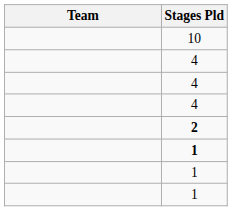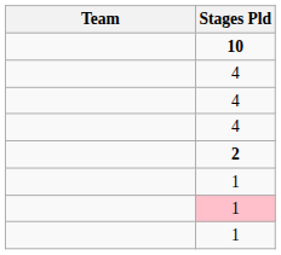 <table class="wikitable" style="font-size:90%; display:inline-table;">
 <tr>
 <th width=160>Team</th>
 <th>Stages Pld</th>
 </tr>
 <tr>
 <td></td>
-<td align="center">10</td>
+<td align="center"><strong>10</strong></td>
 </tr>
 <tr>
 <td></td>
 <td align="center">4</td>
 </tr>
 <tr>
 <td></td>
 <td align="center">4</td>
 </tr>
 <tr>
 <td></td>
 <td align="center">4</td>
 </tr>
 <tr>
 <td></td>
 <td align="center"><strong>2</strong></td>
 </tr>
 <tr>
 <td></td>
-<td align="center"><strong>1</strong></td>
+<td align="center">1</td>
 </tr>
 <tr>
 <td></td>
-<td align="center">1</td>
+<td align="center" style="background: pink;">1</td>
 </tr>
 <tr>
 <td></td>
 <td align="center">1</td>
 </tr>
 </table>
